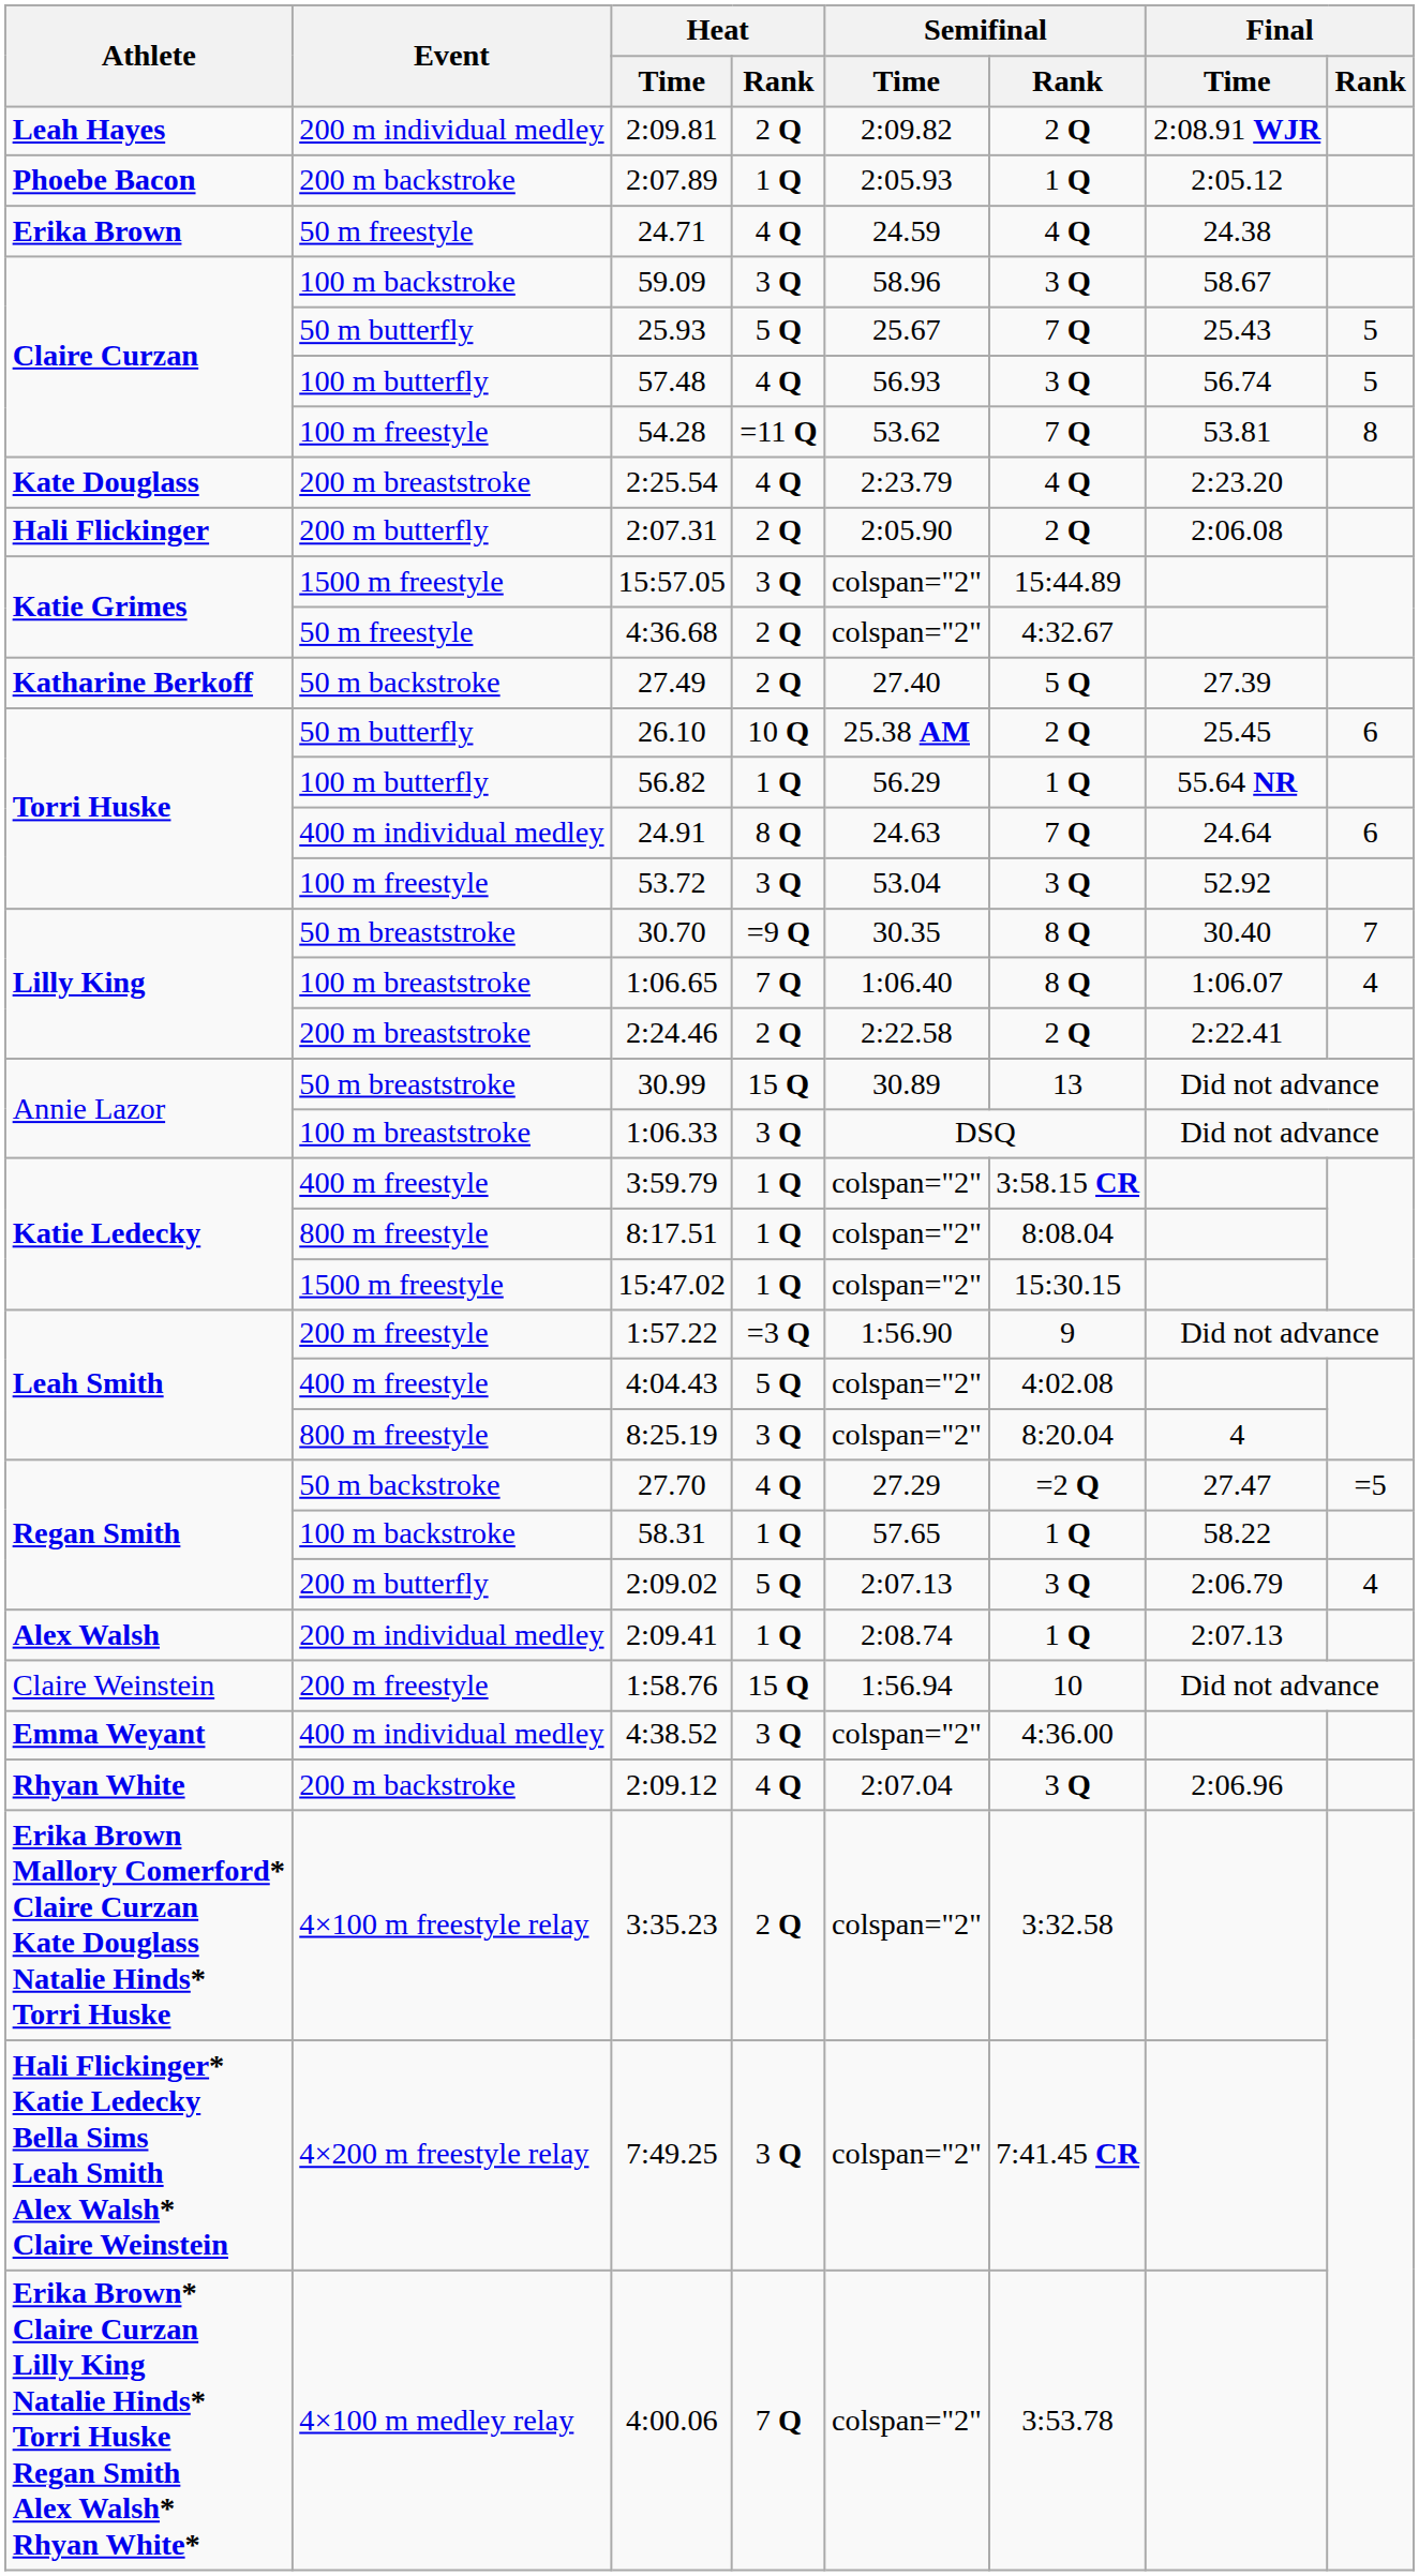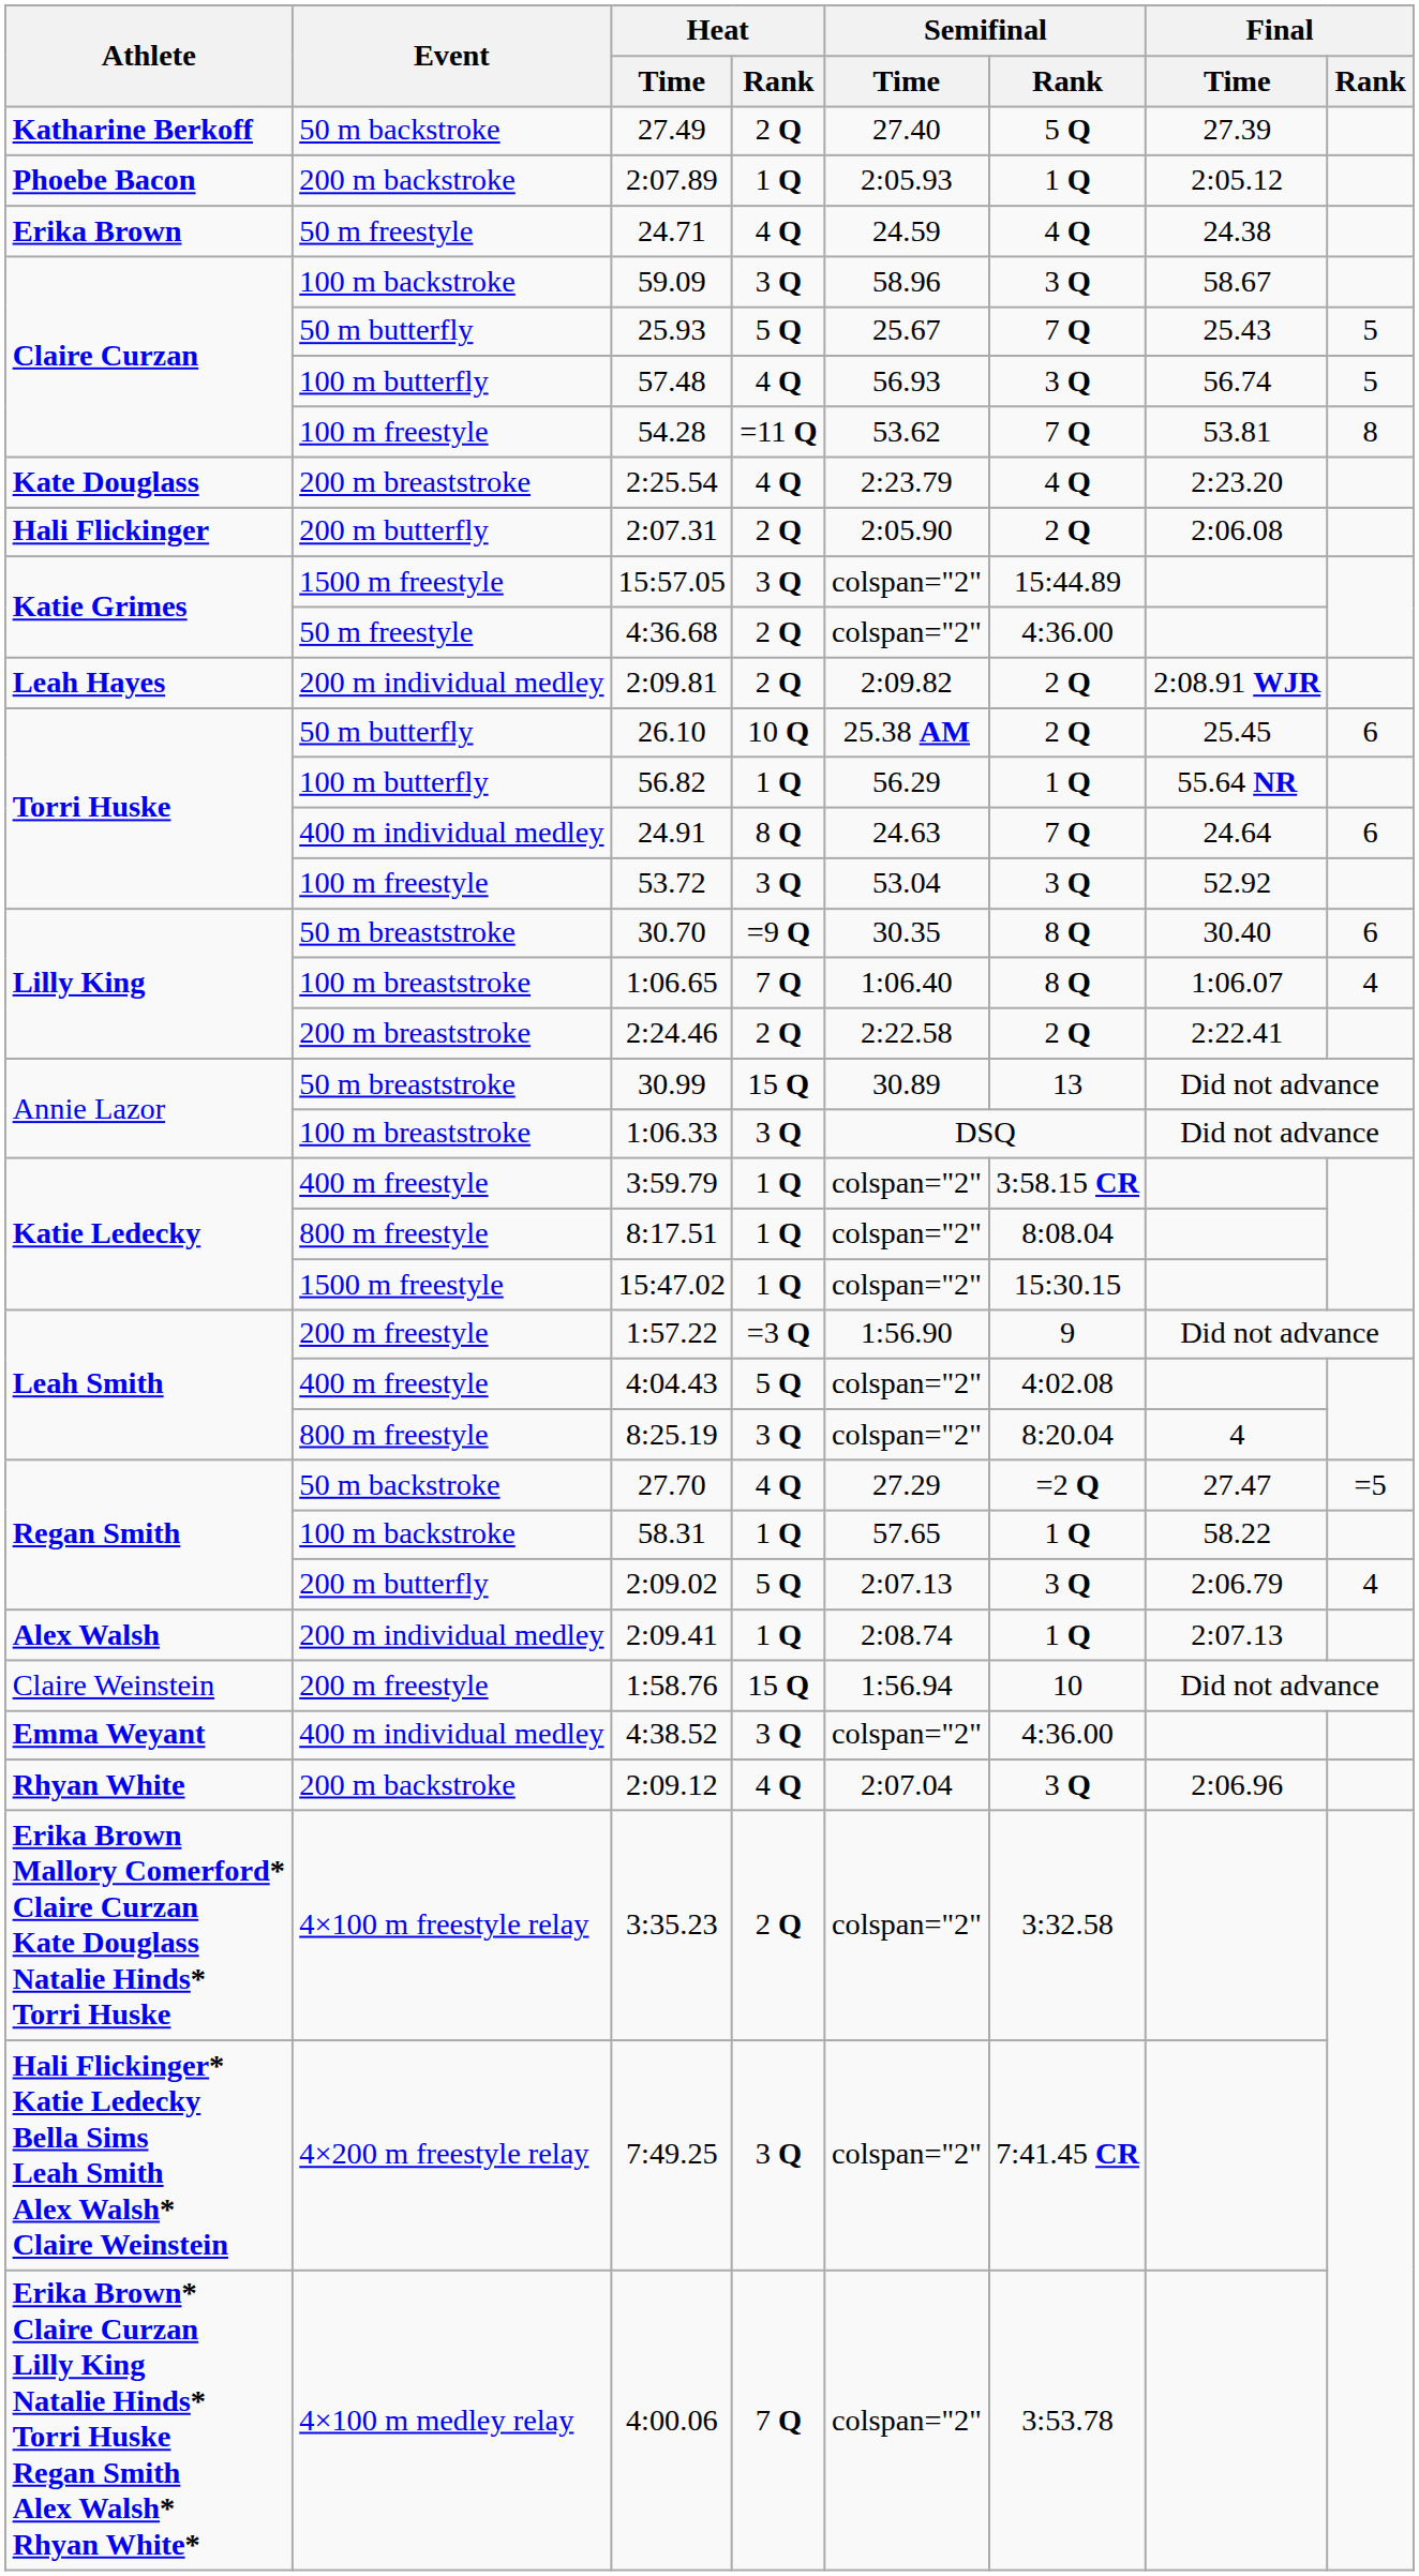 <table class="wikitable" style="font-size:90%;">
 <tr>
 <th rowspan="2">Athlete</th>
 <th rowspan="2">Event</th>
 <th colspan="2">Heat</th>
 <th colspan="2">Semifinal</th>
 <th colspan="2">Final</th>
 </tr>
 <tr>
 <th>Time</th>
 <th>Rank</th>
 <th>Time</th>
 <th>Rank</th>
 <th>Time</th>
 <th>Rank</th>
 </tr>
 <tr align="center">
-<td align="left"><strong><a href='#'>Leah Hayes</a></strong></td>
-<td align="left"><a href='#'>200 m individual medley</a></td>
-<td>2:09.81</td>
+<td align="left"><strong><a href='#'>Katharine Berkoff</a></strong></td>
+<td align="left"><a href='#'>50 m backstroke</a></td>
+<td>27.49</td>
 <td>2 <strong>Q</strong></td>
-<td>2:09.82</td>
-<td>2 <strong>Q</strong></td>
-<td>2:08.91 <strong><a href='#'>WJR</a></strong></td>
+<td>27.40</td>
+<td>5 <strong>Q</strong></td>
+<td>27.39</td>
 <td></td>
 </tr>
 <tr align="center">
 <td align="left"><strong><a href='#'>Phoebe Bacon</a></strong></td>
 <td align="left"><a href='#'>200 m backstroke</a></td>
 <td>2:07.89</td>
 <td>1 <strong>Q</strong></td>
 <td>2:05.93</td>
 <td>1 <strong>Q</strong></td>
 <td>2:05.12</td>
 <td></td>
 </tr>
 <tr align="center">
 <td align="left"><a href='#'><strong>Erika Brown</strong></a></td>
 <td align="left"><a href='#'>50 m freestyle</a></td>
 <td>24.71</td>
 <td>4 <strong>Q</strong></td>
 <td>24.59</td>
 <td>4 <strong>Q</strong></td>
 <td>24.38</td>
 <td></td>
 </tr>
 <tr align="center">
 <td rowspan="4" align="left"><strong><a href='#'>Claire Curzan</a></strong></td>
 <td align="left"><a href='#'>100 m backstroke</a></td>
 <td>59.09</td>
 <td>3 <strong>Q</strong></td>
 <td>58.96</td>
 <td>3 <strong>Q</strong></td>
 <td>58.67</td>
 <td></td>
 </tr>
 <tr align="center">
 <td align="left"><a href='#'>50 m butterfly</a></td>
 <td>25.93</td>
 <td>5 <strong>Q</strong></td>
 <td>25.67</td>
 <td>7 <strong>Q</strong></td>
 <td>25.43</td>
 <td>5</td>
 </tr>
 <tr align="center">
 <td align="left"><a href='#'>100 m butterfly</a></td>
 <td>57.48</td>
 <td>4 <strong>Q</strong></td>
 <td>56.93</td>
 <td>3 <strong>Q</strong></td>
 <td>56.74</td>
 <td>5</td>
 </tr>
 <tr align="center">
 <td align="left"><a href='#'>100 m freestyle</a></td>
 <td>54.28</td>
 <td>=11 <strong>Q</strong></td>
 <td>53.62</td>
 <td>7 <strong>Q</strong></td>
 <td>53.81</td>
 <td>8</td>
 </tr>
 <tr align="center">
 <td align="left"><strong><a href='#'>Kate Douglass</a></strong></td>
 <td align="left"><a href='#'>200 m breaststroke</a></td>
 <td>2:25.54</td>
 <td>4 <strong>Q</strong></td>
 <td>2:23.79</td>
 <td>4 <strong>Q</strong></td>
 <td>2:23.20</td>
 <td></td>
 </tr>
 <tr align="center">
 <td align="left"><strong><a href='#'>Hali Flickinger</a></strong></td>
 <td align="left"><a href='#'>200 m butterfly</a></td>
 <td>2:07.31</td>
 <td>2 <strong>Q</strong></td>
 <td>2:05.90</td>
 <td>2 <strong>Q</strong></td>
 <td>2:06.08</td>
 <td></td>
 </tr>
 <tr align="center">
 <td rowspan="2" align="left"><strong><a href='#'>Katie Grimes</a></strong></td>
 <td align="left"><a href='#'>1500 m freestyle</a></td>
 <td>15:57.05</td>
 <td>3 <strong>Q</strong></td>
 <td>colspan="2" </td>
 <td>15:44.89</td>
 <td></td>
 </tr>
 <tr align="center">
 <td align="left"><a href='#'>50 m freestyle</a></td>
 <td>4:36.68</td>
 <td>2 <strong>Q</strong></td>
 <td>colspan="2" </td>
-<td>4:32.67</td>
+<td>4:36.00</td>
 <td></td>
 </tr>
 <tr align="center">
-<td align="left"><strong><a href='#'>Katharine Berkoff</a></strong></td>
-<td align="left"><a href='#'>50 m backstroke</a></td>
-<td>27.49</td>
+<td align="left"><strong><a href='#'>Leah Hayes</a></strong></td>
+<td align="left"><a href='#'>200 m individual medley</a></td>
+<td>2:09.81</td>
 <td>2 <strong>Q</strong></td>
-<td>27.40</td>
-<td>5 <strong>Q</strong></td>
-<td>27.39</td>
+<td>2:09.82</td>
+<td>2 <strong>Q</strong></td>
+<td>2:08.91 <strong><a href='#'>WJR</a></strong></td>
 <td></td>
 </tr>
 <tr align="center">
 <td rowspan="4" align="left"><strong><a href='#'>Torri Huske</a></strong></td>
 <td align="left"><a href='#'>50 m butterfly</a></td>
 <td>26.10</td>
 <td>10 <strong>Q</strong></td>
 <td>25.38 <strong><a href='#'>AM</a></strong></td>
 <td>2 <strong>Q</strong></td>
 <td>25.45</td>
 <td>6</td>
 </tr>
 <tr align="center">
 <td align="left"><a href='#'>100 m butterfly</a></td>
 <td>56.82</td>
 <td>1 <strong>Q</strong></td>
 <td>56.29</td>
 <td>1 <strong>Q</strong></td>
 <td>55.64 <strong><a href='#'>NR</a></strong></td>
 <td></td>
 </tr>
 <tr align="center">
 <td align="left"><a href='#'>400 m individual medley</a></td>
 <td>24.91</td>
 <td>8 <strong>Q</strong></td>
 <td>24.63</td>
 <td>7 <strong>Q</strong></td>
 <td>24.64</td>
 <td>6</td>
 </tr>
 <tr align="center">
 <td align="left"><a href='#'>100 m freestyle</a></td>
 <td>53.72</td>
 <td>3 <strong>Q</strong></td>
 <td>53.04</td>
 <td>3 <strong>Q</strong></td>
 <td>52.92</td>
 <td></td>
 </tr>
 <tr align="center">
 <td rowspan="3" align="left"><strong><a href='#'>Lilly King</a></strong></td>
 <td align="left"><a href='#'>50 m breaststroke</a></td>
 <td>30.70</td>
 <td>=9 <strong>Q</strong></td>
 <td>30.35</td>
 <td>8 <strong>Q</strong></td>
 <td>30.40</td>
-<td>7</td>
+<td>6</td>
 </tr>
 <tr align="center">
 <td align="left"><a href='#'>100 m breaststroke</a></td>
 <td>1:06.65</td>
 <td>7 <strong>Q</strong></td>
 <td>1:06.40</td>
 <td>8 <strong>Q</strong></td>
 <td>1:06.07</td>
 <td>4</td>
 </tr>
 <tr align="center">
 <td align="left"><a href='#'>200 m breaststroke</a></td>
 <td>2:24.46</td>
 <td>2 <strong>Q</strong></td>
 <td>2:22.58</td>
 <td>2 <strong>Q</strong></td>
 <td>2:22.41</td>
 <td></td>
 </tr>
 <tr align="center">
 <td rowspan="2" align="left"><a href='#'>Annie Lazor</a></td>
 <td align="left"><a href='#'>50 m breaststroke</a></td>
 <td>30.99</td>
 <td>15 <strong>Q</strong></td>
 <td>30.89</td>
 <td>13</td>
 <td colspan="2">Did not advance</td>
 </tr>
 <tr align="center">
 <td align="left"><a href='#'>100 m breaststroke</a></td>
 <td>1:06.33</td>
 <td>3 <strong>Q</strong></td>
 <td colspan="2">DSQ</td>
 <td colspan="2">Did not advance</td>
 </tr>
 <tr align="center">
 <td align="left" rowspan="3"><strong><a href='#'>Katie Ledecky</a></strong></td>
 <td align="left"><a href='#'>400 m freestyle</a></td>
 <td>3:59.79</td>
 <td>1 <strong>Q</strong></td>
 <td>colspan="2" </td>
 <td>3:58.15 <strong><a href='#'>CR</a></strong></td>
 <td></td>
 </tr>
 <tr align="center">
 <td align="left"><a href='#'>800 m freestyle</a></td>
 <td>8:17.51</td>
 <td>1 <strong>Q</strong></td>
 <td>colspan="2" </td>
 <td>8:08.04</td>
 <td></td>
 </tr>
 <tr align="center">
 <td align="left"><a href='#'>1500 m freestyle</a></td>
 <td>15:47.02</td>
 <td>1 <strong>Q</strong></td>
 <td>colspan="2" </td>
 <td>15:30.15</td>
 <td></td>
 </tr>
 <tr align="center">
 <td align="left" rowspan="3"><a href='#'><strong>Leah Smith</strong></a></td>
 <td align="left"><a href='#'>200 m freestyle</a></td>
 <td>1:57.22</td>
 <td>=3 <strong>Q</strong></td>
 <td>1:56.90</td>
 <td>9</td>
 <td colspan="2">Did not advance</td>
 </tr>
 <tr align="center">
 <td align="left"><a href='#'>400 m freestyle</a></td>
 <td>4:04.43</td>
 <td>5 <strong>Q</strong></td>
 <td>colspan="2" </td>
 <td>4:02.08</td>
 <td></td>
 </tr>
 <tr align="center">
 <td align="left"><a href='#'>800 m freestyle</a></td>
 <td>8:25.19</td>
 <td>3 <strong>Q</strong></td>
 <td>colspan="2" </td>
 <td>8:20.04</td>
 <td>4</td>
 </tr>
 <tr align="center">
 <td rowspan="3" align="left"><a href='#'><strong>Regan Smith</strong></a></td>
 <td align="left"><a href='#'>50 m backstroke</a></td>
 <td>27.70</td>
 <td>4 <strong>Q</strong></td>
 <td>27.29</td>
 <td>=2 <strong>Q</strong></td>
 <td>27.47</td>
 <td>=5</td>
 </tr>
 <tr align="center">
 <td align="left"><a href='#'>100 m backstroke</a></td>
 <td>58.31</td>
 <td>1 <strong>Q</strong></td>
 <td>57.65</td>
 <td>1 <strong>Q</strong></td>
 <td>58.22</td>
 <td></td>
 </tr>
 <tr align="center">
 <td align="left"><a href='#'>200 m butterfly</a></td>
 <td>2:09.02</td>
 <td>5 <strong>Q</strong></td>
 <td>2:07.13</td>
 <td>3 <strong>Q</strong></td>
 <td>2:06.79</td>
 <td>4</td>
 </tr>
 <tr align="center">
 <td align="left"><a href='#'><strong>Alex Walsh</strong></a></td>
 <td align="left"><a href='#'>200 m individual medley</a></td>
 <td>2:09.41</td>
 <td>1 <strong>Q</strong></td>
 <td>2:08.74</td>
 <td>1 <strong>Q</strong></td>
 <td>2:07.13</td>
 <td></td>
 </tr>
 <tr align="center">
 <td align="left"><a href='#'>Claire Weinstein</a></td>
 <td align="left"><a href='#'>200 m freestyle</a></td>
 <td>1:58.76</td>
 <td>15 <strong>Q</strong></td>
 <td>1:56.94</td>
 <td>10</td>
 <td colspan="2">Did not advance</td>
 </tr>
 <tr align="center">
 <td align="left"><strong><a href='#'>Emma Weyant</a></strong></td>
 <td align="left"><a href='#'>400 m individual medley</a></td>
 <td>4:38.52</td>
 <td>3 <strong>Q</strong></td>
 <td>colspan="2" </td>
 <td>4:36.00</td>
 <td><strong></strong></td>
 </tr>
 <tr align="center">
 <td align="left"><strong><a href='#'>Rhyan White</a></strong></td>
 <td align="left"><a href='#'>200 m backstroke</a></td>
 <td>2:09.12</td>
 <td>4 <strong>Q</strong></td>
 <td>2:07.04</td>
 <td>3 <strong>Q</strong></td>
 <td>2:06.96</td>
 <td></td>
 </tr>
 <tr align="center">
 <td align="left"><strong><a href='#'>Erika Brown</a><br><a href='#'>Mallory Comerford</a>*<br><a href='#'>Claire Curzan</a><br><a href='#'>Kate Douglass</a><br><a href='#'>Natalie Hinds</a>*<br><a href='#'>Torri Huske</a></strong></td>
 <td align="left"><a href='#'>4×100 m freestyle relay</a></td>
 <td>3:35.23</td>
 <td>2 <strong>Q</strong></td>
 <td>colspan="2" </td>
 <td>3:32.58</td>
 <td></td>
 </tr>
 <tr align="center">
 <td align="left"><strong><a href='#'>Hali Flickinger</a>*<br><a href='#'>Katie Ledecky</a><br><a href='#'>Bella Sims</a><br><a href='#'>Leah Smith</a><br><a href='#'>Alex Walsh</a>*<br><a href='#'>Claire Weinstein</a></strong></td>
 <td align="left"><a href='#'>4×200 m freestyle relay</a></td>
 <td>7:49.25</td>
 <td>3 <strong>Q</strong></td>
 <td>colspan="2" </td>
 <td>7:41.45 <strong><a href='#'>CR</a></strong></td>
 <td></td>
 </tr>
 <tr align="center">
 <td align="left"><strong><a href='#'>Erika Brown</a>*<br><a href='#'>Claire Curzan</a><br><a href='#'>Lilly King</a><br><a href='#'>Natalie Hinds</a>*<br><a href='#'>Torri Huske</a><br><a href='#'>Regan Smith</a><br><a href='#'>Alex Walsh</a>*<br><a href='#'>Rhyan White</a>*</strong></td>
 <td align="left"><a href='#'>4×100 m medley relay</a></td>
 <td>4:00.06</td>
 <td>7 <strong>Q</strong></td>
 <td>colspan="2" </td>
 <td>3:53.78</td>
 <td></td>
 </tr>
 </table>
